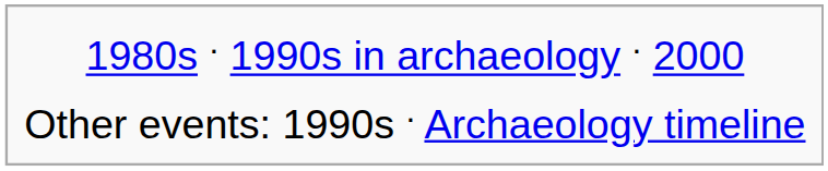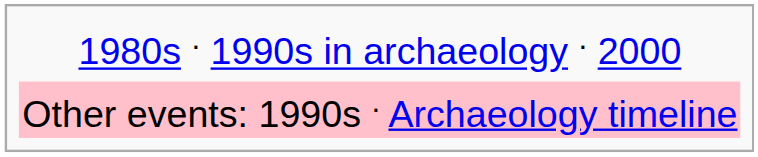 <table class="infobox">
 <tr style="background-color:#f3f3f3 width:29em">
 <td align="center"><a href='#'>1980s</a> <sup>.</sup> <a href='#'>1990s in archaeology</a> <sup>.</sup> <a href='#'>2000</a></td>
 </tr>
 <tr>
-<td align="center">Other events: 1990s <sup>.</sup> <a href='#'>Archaeology timeline</a></td>
+<td align="center" style="background: pink;">Other events: 1990s <sup>.</sup> <a href='#'>Archaeology timeline</a></td>
 </tr>
 </table>
